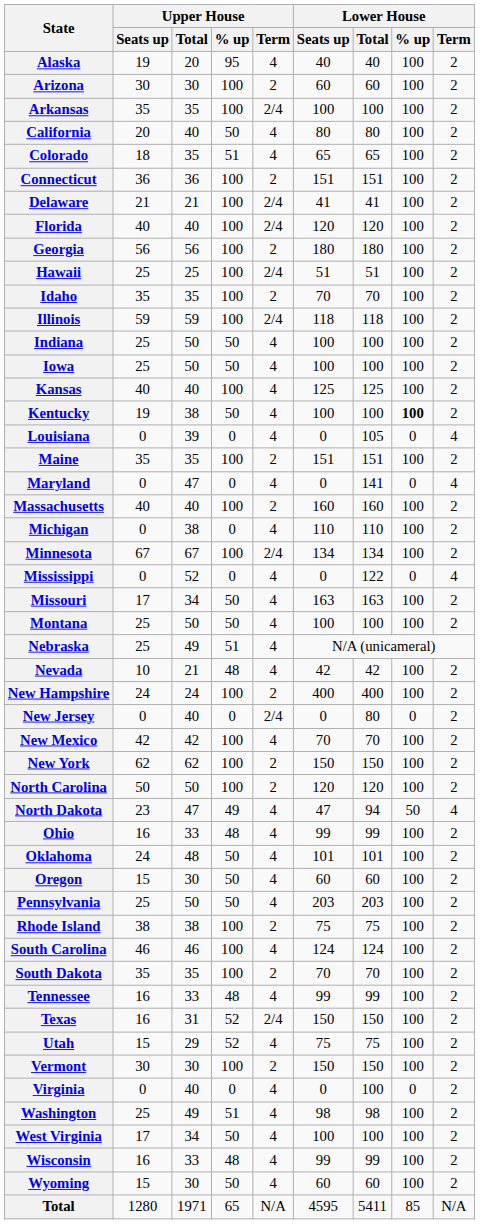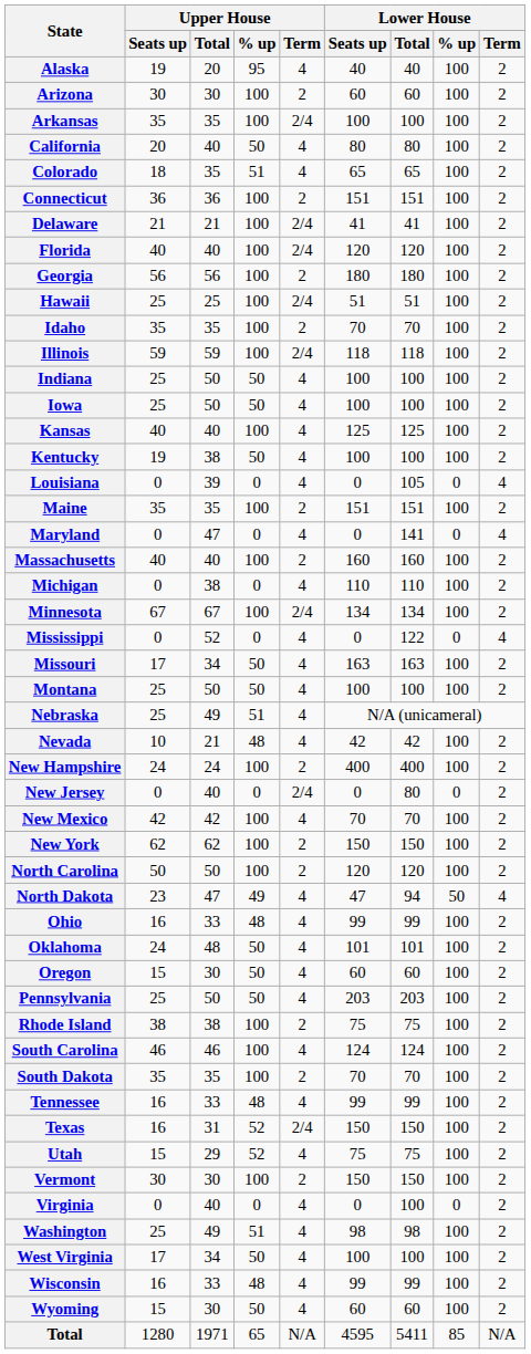 <table class="wikitable sortable plainrowheaders" style="text-align: center;">
 <tr>
 <th rowspan=2>State</th>
 <th colspan=4>Upper House</th>
 <th colspan=4>Lower House</th>
 </tr>
 <tr>
 <th>Seats up</th>
 <th>Total</th>
 <th>% up</th>
 <th>Term</th>
 <th>Seats up</th>
 <th>Total</th>
 <th>% up</th>
 <th>Term</th>
 </tr>
 <tr>
 <th scope="row"><a href='#'>Alaska</a></th>
 <td>19</td>
 <td>20</td>
 <td>95</td>
 <td>4</td>
 <td>40</td>
 <td>40</td>
 <td>100</td>
 <td>2</td>
 </tr>
 <tr>
 <th scope="row"><a href='#'>Arizona</a></th>
 <td>30</td>
 <td>30</td>
 <td>100</td>
 <td>2</td>
 <td>60</td>
 <td>60</td>
 <td>100</td>
 <td>2</td>
 </tr>
 <tr>
 <th scope="row"><a href='#'>Arkansas</a></th>
 <td>35</td>
 <td>35</td>
 <td>100</td>
 <td>2/4</td>
 <td>100</td>
 <td>100</td>
 <td>100</td>
 <td>2</td>
 </tr>
 <tr>
 <th scope="row"><a href='#'>California</a></th>
 <td>20</td>
 <td>40</td>
 <td>50</td>
 <td>4</td>
 <td>80</td>
 <td>80</td>
 <td>100</td>
 <td>2</td>
 </tr>
 <tr>
 <th scope="row"><a href='#'>Colorado</a></th>
 <td>18</td>
 <td>35</td>
 <td>51</td>
 <td>4</td>
 <td>65</td>
 <td>65</td>
 <td>100</td>
 <td>2</td>
 </tr>
 <tr>
 <th scope="row"><a href='#'>Connecticut</a></th>
 <td>36</td>
 <td>36</td>
 <td>100</td>
 <td>2</td>
 <td>151</td>
 <td>151</td>
 <td>100</td>
 <td>2</td>
 </tr>
 <tr>
 <th scope="row"><a href='#'>Delaware</a></th>
 <td>21</td>
 <td>21</td>
 <td>100</td>
 <td>2/4</td>
 <td>41</td>
 <td>41</td>
 <td>100</td>
 <td>2</td>
 </tr>
 <tr>
 <th scope="row"><a href='#'>Florida</a></th>
 <td>40</td>
 <td>40</td>
 <td>100</td>
 <td>2/4</td>
 <td>120</td>
 <td>120</td>
 <td>100</td>
 <td>2</td>
 </tr>
 <tr>
 <th scope="row"><a href='#'>Georgia</a></th>
 <td>56</td>
 <td>56</td>
 <td>100</td>
 <td>2</td>
 <td>180</td>
 <td>180</td>
 <td>100</td>
 <td>2</td>
 </tr>
 <tr>
 <th scope="row"><a href='#'>Hawaii</a></th>
 <td>25</td>
 <td>25</td>
 <td>100</td>
 <td>2/4</td>
 <td>51</td>
 <td>51</td>
 <td>100</td>
 <td>2</td>
 </tr>
 <tr>
 <th scope="row"><a href='#'>Idaho</a></th>
 <td>35</td>
 <td>35</td>
 <td>100</td>
 <td>2</td>
 <td>70</td>
 <td>70</td>
 <td>100</td>
 <td>2</td>
 </tr>
 <tr>
 <th scope="row"><a href='#'>Illinois</a></th>
 <td>59</td>
 <td>59</td>
 <td>100</td>
 <td>2/4</td>
 <td>118</td>
 <td>118</td>
 <td>100</td>
 <td>2</td>
 </tr>
 <tr>
 <th scope="row"><a href='#'>Indiana</a></th>
 <td>25</td>
 <td>50</td>
 <td>50</td>
 <td>4</td>
 <td>100</td>
 <td>100</td>
 <td>100</td>
 <td>2</td>
 </tr>
 <tr>
 <th scope="row"><a href='#'>Iowa</a></th>
 <td>25</td>
 <td>50</td>
 <td>50</td>
 <td>4</td>
 <td>100</td>
 <td>100</td>
 <td>100</td>
 <td>2</td>
 </tr>
 <tr>
 <th scope="row"><a href='#'>Kansas</a></th>
 <td>40</td>
 <td>40</td>
 <td>100</td>
 <td>4</td>
 <td>125</td>
 <td>125</td>
 <td>100</td>
 <td>2</td>
 </tr>
 <tr>
 <th scope="row"><a href='#'>Kentucky</a></th>
 <td>19</td>
 <td>38</td>
 <td>50</td>
 <td>4</td>
 <td>100</td>
 <td>100</td>
-<td><strong>100</strong></td>
+<td>100</td>
 <td>2</td>
 </tr>
 <tr>
 <th scope="row"><a href='#'>Louisiana</a></th>
 <td>0</td>
 <td>39</td>
 <td>0</td>
 <td>4</td>
 <td>0</td>
 <td>105</td>
 <td>0</td>
 <td>4</td>
 </tr>
 <tr>
 <th scope="row"><a href='#'>Maine</a></th>
 <td>35</td>
 <td>35</td>
 <td>100</td>
 <td>2</td>
 <td>151</td>
 <td>151</td>
 <td>100</td>
 <td>2</td>
 </tr>
 <tr>
 <th scope="row"><a href='#'>Maryland</a></th>
 <td>0</td>
 <td>47</td>
 <td>0</td>
 <td>4</td>
 <td>0</td>
 <td>141</td>
 <td>0</td>
 <td>4</td>
 </tr>
 <tr>
 <th scope="row"><a href='#'>Massachusetts</a></th>
 <td>40</td>
 <td>40</td>
 <td>100</td>
 <td>2</td>
 <td>160</td>
 <td>160</td>
 <td>100</td>
 <td>2</td>
 </tr>
 <tr>
 <th scope="row"><a href='#'>Michigan</a></th>
 <td>0</td>
 <td>38</td>
 <td>0</td>
 <td>4</td>
 <td>110</td>
 <td>110</td>
 <td>100</td>
 <td>2</td>
 </tr>
 <tr>
 <th scope="row"><a href='#'>Minnesota</a></th>
 <td>67</td>
 <td>67</td>
 <td>100</td>
 <td>2/4</td>
 <td>134</td>
 <td>134</td>
 <td>100</td>
 <td>2</td>
 </tr>
 <tr>
 <th scope="row"><a href='#'>Mississippi</a></th>
 <td>0</td>
 <td>52</td>
 <td>0</td>
 <td>4</td>
 <td>0</td>
 <td>122</td>
 <td>0</td>
 <td>4</td>
 </tr>
 <tr>
 <th scope="row"><a href='#'>Missouri</a></th>
 <td>17</td>
 <td>34</td>
 <td>50</td>
 <td>4</td>
 <td>163</td>
 <td>163</td>
 <td>100</td>
 <td>2</td>
 </tr>
 <tr>
 <th scope="row"><a href='#'>Montana</a></th>
 <td>25</td>
 <td>50</td>
 <td>50</td>
 <td>4</td>
 <td>100</td>
 <td>100</td>
 <td>100</td>
 <td>2</td>
 </tr>
 <tr>
 <th scope="row"><a href='#'>Nebraska</a></th>
 <td>25</td>
 <td>49</td>
 <td>51</td>
 <td>4</td>
 <td colspan=4>N/A (unicameral)</td>
 </tr>
 <tr>
 <th scope="row"><a href='#'>Nevada</a></th>
 <td>10</td>
 <td>21</td>
 <td>48</td>
 <td>4</td>
 <td>42</td>
 <td>42</td>
 <td>100</td>
 <td>2</td>
 </tr>
 <tr>
 <th scope="row"><a href='#'>New Hampshire</a></th>
 <td>24</td>
 <td>24</td>
 <td>100</td>
 <td>2</td>
 <td>400</td>
 <td>400</td>
 <td>100</td>
 <td>2</td>
 </tr>
 <tr>
 <th scope="row"><a href='#'>New Jersey</a></th>
 <td>0</td>
 <td>40</td>
 <td>0</td>
 <td>2/4</td>
 <td>0</td>
 <td>80</td>
 <td>0</td>
 <td>2</td>
 </tr>
 <tr>
 <th scope="row"><a href='#'>New Mexico</a></th>
 <td>42</td>
 <td>42</td>
 <td>100</td>
 <td>4</td>
 <td>70</td>
 <td>70</td>
 <td>100</td>
 <td>2</td>
 </tr>
 <tr>
 <th scope="row"><a href='#'>New York</a></th>
 <td>62</td>
 <td>62</td>
 <td>100</td>
 <td>2</td>
 <td>150</td>
 <td>150</td>
 <td>100</td>
 <td>2</td>
 </tr>
 <tr>
 <th scope="row"><a href='#'>North Carolina</a></th>
 <td>50</td>
 <td>50</td>
 <td>100</td>
 <td>2</td>
 <td>120</td>
 <td>120</td>
 <td>100</td>
 <td>2</td>
 </tr>
 <tr>
 <th scope="row"><a href='#'>North Dakota</a></th>
 <td>23</td>
 <td>47</td>
 <td>49</td>
 <td>4</td>
 <td>47</td>
 <td>94</td>
 <td>50</td>
 <td>4</td>
 </tr>
 <tr>
 <th scope="row"><a href='#'>Ohio</a></th>
 <td>16</td>
 <td>33</td>
 <td>48</td>
 <td>4</td>
 <td>99</td>
 <td>99</td>
 <td>100</td>
 <td>2</td>
 </tr>
 <tr>
 <th scope="row"><a href='#'>Oklahoma</a></th>
 <td>24</td>
 <td>48</td>
 <td>50</td>
 <td>4</td>
 <td>101</td>
 <td>101</td>
 <td>100</td>
 <td>2</td>
 </tr>
 <tr>
 <th scope="row"><a href='#'>Oregon</a></th>
 <td>15</td>
 <td>30</td>
 <td>50</td>
 <td>4</td>
 <td>60</td>
 <td>60</td>
 <td>100</td>
 <td>2</td>
 </tr>
 <tr>
 <th scope="row"><a href='#'>Pennsylvania</a></th>
 <td>25</td>
 <td>50</td>
 <td>50</td>
 <td>4</td>
 <td>203</td>
 <td>203</td>
 <td>100</td>
 <td>2</td>
 </tr>
 <tr>
 <th scope="row"><a href='#'>Rhode Island</a></th>
 <td>38</td>
 <td>38</td>
 <td>100</td>
 <td>2</td>
 <td>75</td>
 <td>75</td>
 <td>100</td>
 <td>2</td>
 </tr>
 <tr>
 <th scope="row"><a href='#'>South Carolina</a></th>
 <td>46</td>
 <td>46</td>
 <td>100</td>
 <td>4</td>
 <td>124</td>
 <td>124</td>
 <td>100</td>
 <td>2</td>
 </tr>
 <tr>
 <th scope="row"><a href='#'>South Dakota</a></th>
 <td>35</td>
 <td>35</td>
 <td>100</td>
 <td>2</td>
 <td>70</td>
 <td>70</td>
 <td>100</td>
 <td>2</td>
 </tr>
 <tr>
 <th scope="row"><a href='#'>Tennessee</a></th>
 <td>16</td>
 <td>33</td>
 <td>48</td>
 <td>4</td>
 <td>99</td>
 <td>99</td>
 <td>100</td>
 <td>2</td>
 </tr>
 <tr>
 <th scope="row"><a href='#'>Texas</a></th>
 <td>16</td>
 <td>31</td>
 <td>52</td>
 <td>2/4</td>
 <td>150</td>
 <td>150</td>
 <td>100</td>
 <td>2</td>
 </tr>
 <tr>
 <th scope="row"><a href='#'>Utah</a></th>
 <td>15</td>
 <td>29</td>
 <td>52</td>
 <td>4</td>
 <td>75</td>
 <td>75</td>
 <td>100</td>
 <td>2</td>
 </tr>
 <tr>
 <th scope="row"><a href='#'>Vermont</a></th>
 <td>30</td>
 <td>30</td>
 <td>100</td>
 <td>2</td>
 <td>150</td>
 <td>150</td>
 <td>100</td>
 <td>2</td>
 </tr>
 <tr>
 <th scope="row"><a href='#'>Virginia</a></th>
 <td>0</td>
 <td>40</td>
 <td>0</td>
 <td>4</td>
 <td>0</td>
 <td>100</td>
 <td>0</td>
 <td>2</td>
 </tr>
 <tr>
 <th scope="row"><a href='#'>Washington</a></th>
 <td>25</td>
 <td>49</td>
 <td>51</td>
 <td>4</td>
 <td>98</td>
 <td>98</td>
 <td>100</td>
 <td>2</td>
 </tr>
 <tr>
 <th scope="row"><a href='#'>West Virginia</a></th>
 <td>17</td>
 <td>34</td>
 <td>50</td>
 <td>4</td>
 <td>100</td>
 <td>100</td>
 <td>100</td>
 <td>2</td>
 </tr>
 <tr>
 <th scope="row"><a href='#'>Wisconsin</a></th>
 <td>16</td>
 <td>33</td>
 <td>48</td>
 <td>4</td>
 <td>99</td>
 <td>99</td>
 <td>100</td>
 <td>2</td>
 </tr>
 <tr>
 <th scope="row"><a href='#'>Wyoming</a></th>
 <td>15</td>
 <td>30</td>
 <td>50</td>
 <td>4</td>
 <td>60</td>
 <td>60</td>
 <td>100</td>
 <td>2</td>
 </tr>
 <tr class="sortbottom" |>
 <th scope="row">Total</th>
 <td>1280</td>
 <td>1971</td>
 <td>65</td>
 <td>N/A</td>
 <td>4595</td>
 <td>5411</td>
 <td>85</td>
 <td>N/A</td>
 </tr>
 </table>
